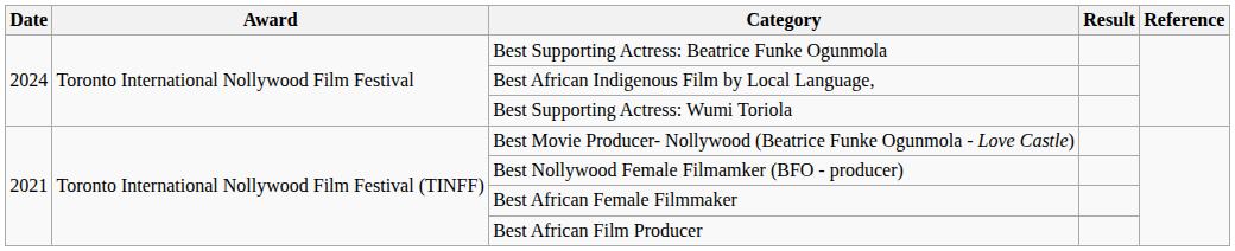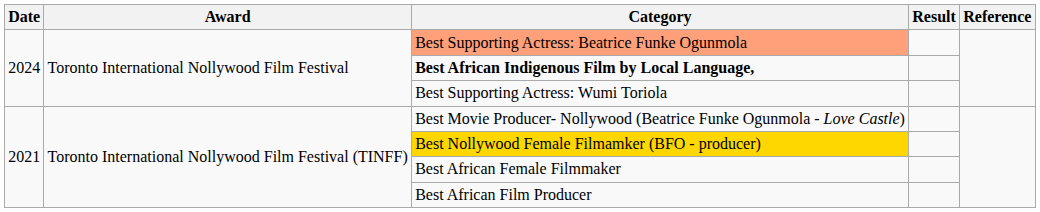 <table class="wikitable sortable">
 <tr>
 <th>Date</th>
 <th>Award</th>
 <th>Category</th>
 <th>Result</th>
 <th>Reference</th>
 </tr>
 <tr>
 <td rowspan="3">2024</td>
 <td rowspan="3">Toronto International Nollywood Film Festival</td>
-<td>Best Supporting Actress: Beatrice Funke Ogunmola</td>
+<td style="background: lightsalmon;">Best Supporting Actress: Beatrice Funke Ogunmola</td>
 <td></td>
 <td rowspan="3"></td>
 </tr>
 <tr>
-<td>Best African Indigenous Film by Local Language,</td>
+<td><strong>Best African Indigenous Film by Local Language,</strong></td>
 <td></td>
 </tr>
 <tr>
 <td>Best Supporting Actress: Wumi Toriola</td>
 <td></td>
 </tr>
 <tr>
 <td rowspan="8">2021</td>
 <td rowspan="4">Toronto International Nollywood Film Festival (TINFF)</td>
 <td>Best Movie Producer- Nollywood (Beatrice Funke Ogunmola - <em>Love Castle</em>)</td>
 <td></td>
 <td rowspan="4"></td>
 </tr>
 <tr>
-<td>Best Nollywood Female Filmamker (BFO - producer)</td>
+<td style="background: gold;">Best Nollywood Female Filmamker (BFO - producer)</td>
 <td></td>
 </tr>
 <tr>
 <td>Best African Female Filmmaker</td>
 <td></td>
 </tr>
 <tr>
 <td>Best African Film Producer</td>
 <td></td>
 </tr>
 </table>
